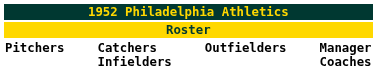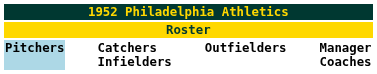 <table class="toccolours" style="font-size: 95%;">
 <tr>
 <th colspan="10" style="background-color: #003831; color: #FFD800; text-align: center;">1952 Philadelphia Athletics</th>
 </tr>
 <tr>
 <td colspan="10" style="background-color: #FFD800; color: #003831; text-align: center;"><strong>Roster</strong></td>
 </tr>
 <tr>
-<td valign="top"><strong>Pitchers</strong><br>               </td>
+<td valign="top" style="background: lightblue;"><strong>Pitchers</strong><br>               </td>
 <td width="25px"></td>
 <td valign="top"><strong>Catchers</strong><br>   <strong>Infielders</strong>           </td>
 <td width="25px"></td>
 <td valign="top"><strong>Outfielders</strong><br>    </td>
 <td width="25px"></td>
 <td valign="top"><strong>Manager</strong><br> <strong>Coaches</strong>    </td>
 </tr>
 </table>
